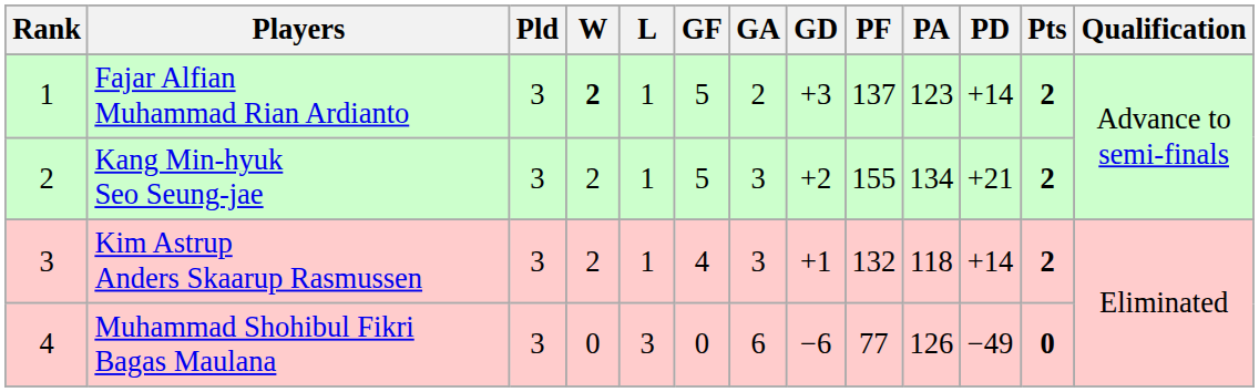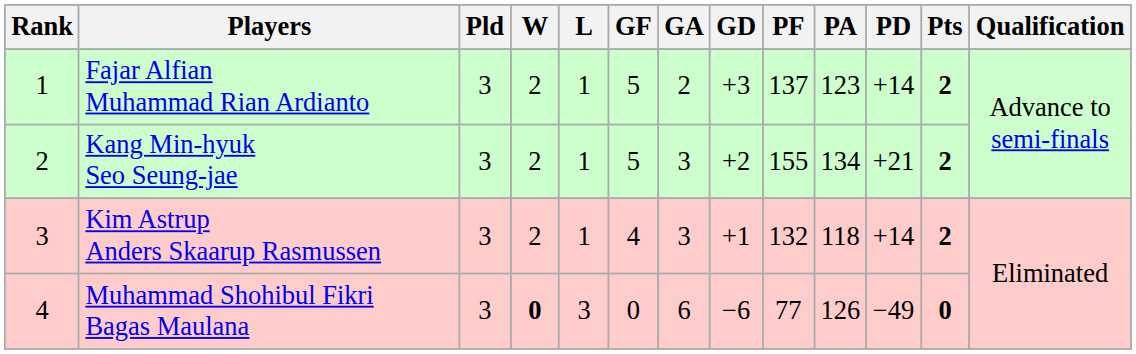 <table class="wikitable" style="font-size:90%; text-align:center">
 <tr>
 <th width="20">Rank</th>
 <th width="200">Players</th>
 <th width="20">Pld</th>
 <th width="20">W</th>
 <th width="20">L</th>
 <th width="20">GF</th>
 <th width="20">GA</th>
 <th width="20">GD</th>
 <th width="20">PF</th>
 <th width="20">PA</th>
 <th width="20">PD</th>
 <th width="20">Pts</th>
 <th width="20">Qualification</th>
 </tr>
 <tr bgcolor="#ccffcc">
 <td>1</td>
 <td align="left"> <a href='#'>Fajar Alfian</a><br> <a href='#'>Muhammad Rian Ardianto</a></td>
 <td>3</td>
-<td><strong>2</strong></td>
+<td>2</td>
 <td>1</td>
 <td>5</td>
 <td>2</td>
 <td>+3</td>
 <td>137</td>
 <td>123</td>
 <td>+14</td>
 <td><strong>2</strong></td>
 <td rowspan="2">Advance to <a href='#'>semi-finals</a></td>
 </tr>
 <tr bgcolor="#ccffcc">
 <td>2</td>
 <td align="left"> <a href='#'>Kang Min-hyuk</a><br> <a href='#'>Seo Seung-jae</a></td>
 <td>3</td>
 <td>2</td>
 <td>1</td>
 <td>5</td>
 <td>3</td>
 <td>+2</td>
 <td>155</td>
 <td>134</td>
 <td>+21</td>
 <td><strong>2</strong></td>
 </tr>
 <tr bgcolor="#ffcccc">
 <td>3</td>
 <td align="left"> <a href='#'>Kim Astrup</a><br> <a href='#'>Anders Skaarup Rasmussen</a></td>
 <td>3</td>
 <td>2</td>
 <td>1</td>
 <td>4</td>
 <td>3</td>
 <td>+1</td>
 <td>132</td>
 <td>118</td>
 <td>+14</td>
 <td><strong>2</strong></td>
 <td rowspan="2">Eliminated</td>
 </tr>
 <tr bgcolor="#ffcccc">
 <td>4</td>
 <td align="left"> <a href='#'>Muhammad Shohibul Fikri</a><br> <a href='#'>Bagas Maulana</a></td>
 <td>3</td>
-<td>0</td>
+<td><strong>0</strong></td>
 <td>3</td>
 <td>0</td>
 <td>6</td>
 <td>−6</td>
 <td>77</td>
 <td>126</td>
 <td>−49</td>
 <td><strong>0</strong></td>
 </tr>
 </table>
